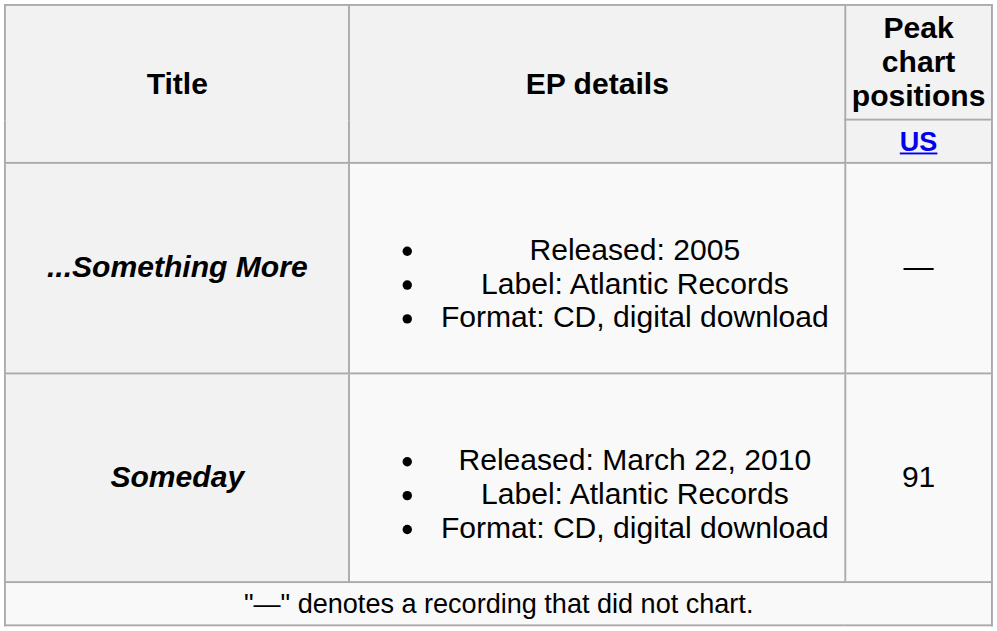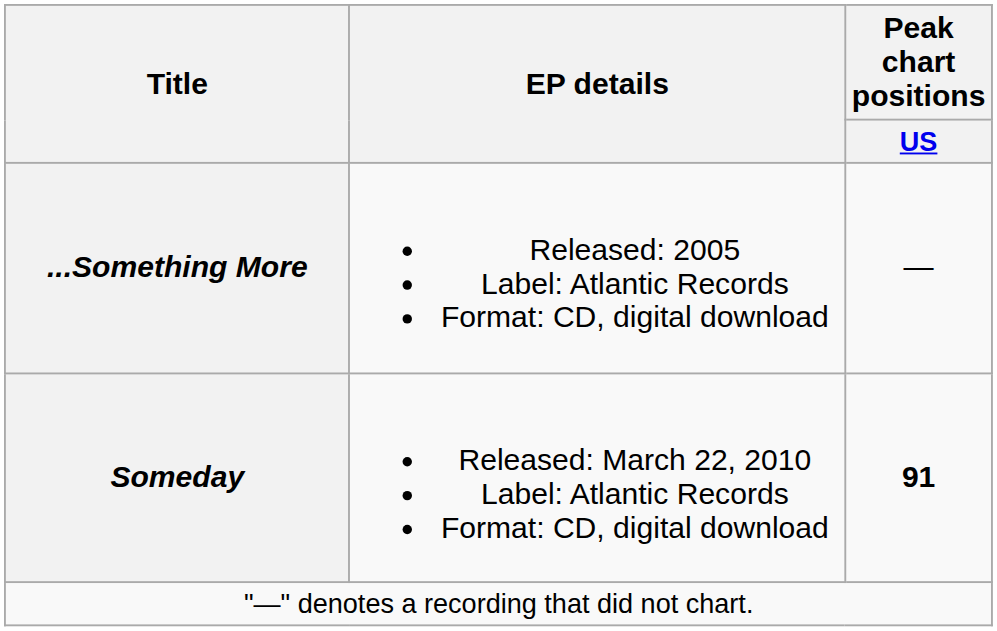 <table class="wikitable plainrowheaders" style="text-align:center;">
 <tr>
 <th scope="col" rowspan="2" style="width:11em;">Title</th>
 <th scope="col" rowspan="2" style="width:16em;">EP details</th>
 <th scope="col" colspan="1">Peak chart positions</th>
 </tr>
 <tr>
 <th style="width:3em;font-size:90%;"><a href='#'>US</a><br></th>
 </tr>
 <tr>
 <th scope="row"><em>...Something More</em></th>
 <td><br><ul><li>Released: 2005</li><li>Label: Atlantic Records</li><li>Format: CD, digital download</li></ul></td>
 <td>—</td>
 </tr>
 <tr>
 <th scope="row"><em>Someday</em></th>
 <td><br><ul><li>Released: March 22, 2010</li><li>Label: Atlantic Records</li><li>Format: CD, digital download</li></ul></td>
-<td>91</td>
+<td><strong>91</strong></td>
 </tr>
 <tr>
 <td colspan="13" style="font-size:90%">"—" denotes a recording that did not chart.</td>
 </tr>
 </table>
